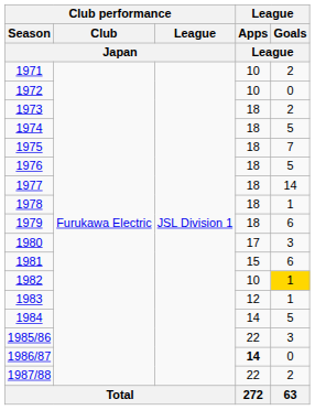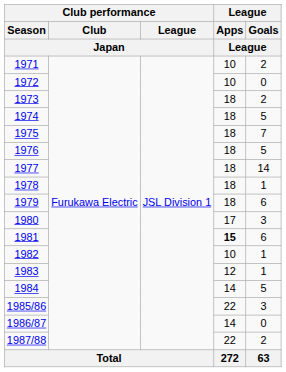 <table class="wikitable" style="text-align:center;">
 <tr>
 <th colspan=3>Club performance</th>
 <th colspan=2>League</th>
 </tr>
 <tr>
 <th>Season</th>
 <th>Club</th>
 <th>League</th>
 <th>Apps</th>
 <th>Goals</th>
 </tr>
 <tr>
 <th colspan=3>Japan</th>
 <th colspan=2>League</th>
 </tr>
 <tr>
 <td><a href='#'>1971</a></td>
 <td rowspan="17"><a href='#'>Furukawa Electric</a></td>
 <td rowspan="17"><a href='#'>JSL Division 1</a></td>
 <td>10</td>
 <td>2</td>
 </tr>
 <tr>
 <td><a href='#'>1972</a></td>
 <td>10</td>
 <td>0</td>
 </tr>
 <tr>
 <td><a href='#'>1973</a></td>
 <td>18</td>
 <td>2</td>
 </tr>
 <tr>
 <td><a href='#'>1974</a></td>
 <td>18</td>
 <td>5</td>
 </tr>
 <tr>
 <td><a href='#'>1975</a></td>
 <td>18</td>
 <td>7</td>
 </tr>
 <tr>
 <td><a href='#'>1976</a></td>
 <td>18</td>
 <td>5</td>
 </tr>
 <tr>
 <td><a href='#'>1977</a></td>
 <td>18</td>
 <td>14</td>
 </tr>
 <tr>
 <td><a href='#'>1978</a></td>
 <td>18</td>
 <td>1</td>
 </tr>
 <tr>
 <td><a href='#'>1979</a></td>
 <td>18</td>
 <td>6</td>
 </tr>
 <tr>
 <td><a href='#'>1980</a></td>
 <td>17</td>
 <td>3</td>
 </tr>
 <tr>
 <td><a href='#'>1981</a></td>
-<td>15</td>
+<td><strong>15</strong></td>
 <td>6</td>
 </tr>
 <tr>
 <td><a href='#'>1982</a></td>
 <td>10</td>
-<td style="background: gold;">1</td>
+<td>1</td>
 </tr>
 <tr>
 <td><a href='#'>1983</a></td>
 <td>12</td>
 <td>1</td>
 </tr>
 <tr>
 <td><a href='#'>1984</a></td>
 <td>14</td>
 <td>5</td>
 </tr>
 <tr>
 <td><a href='#'>1985/86</a></td>
 <td>22</td>
 <td>3</td>
 </tr>
 <tr>
 <td><a href='#'>1986/87</a></td>
-<td><strong>14</strong></td>
+<td>14</td>
 <td>0</td>
 </tr>
 <tr>
 <td><a href='#'>1987/88</a></td>
 <td>22</td>
 <td>2</td>
 </tr>
 <tr>
 <th colspan=3>Total</th>
 <th>272</th>
 <th>63</th>
 </tr>
 </table>
